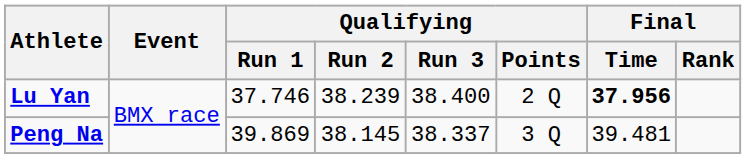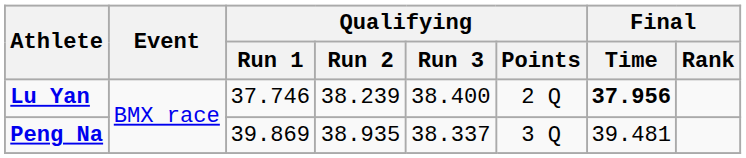 <table class="wikitable"  style="font-size:90%; display:inline-table;">
 <tr>
 <th rowspan=2>Athlete</th>
 <th rowspan=2>Event</th>
 <th colspan=4>Qualifying</th>
 <th colspan=2>Final</th>
 </tr>
 <tr>
 <th>Run 1</th>
 <th>Run 2</th>
 <th>Run 3</th>
 <th>Points</th>
 <th>Time</th>
 <th>Rank</th>
 </tr>
 <tr>
 <td><strong><a href='#'>Lu Yan</a></strong></td>
 <td rowspan=2><a href='#'>BMX race</a></td>
 <td align=center>37.746</td>
 <td align=center>38.239</td>
 <td align=center>38.400</td>
 <td align=center>2 Q</td>
 <td align=center><strong>37.956</strong></td>
 <td align=center></td>
 </tr>
 <tr>
 <td><strong><a href='#'>Peng Na</a></strong></td>
 <td align=center>39.869</td>
-<td align=center>38.145</td>
+<td align=center>38.935</td>
 <td align=center>38.337</td>
 <td align=center>3 Q</td>
 <td align=center>39.481</td>
 <td align=center></td>
 </tr>
 </table>
